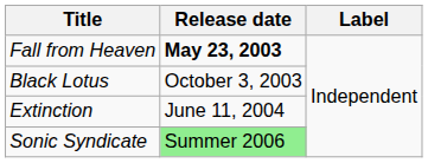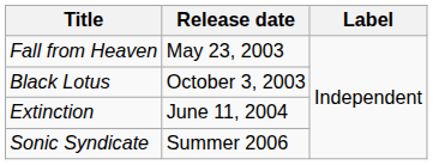 <table class="wikitable" border="1">
 <tr>
 <th>Title</th>
 <th>Release date</th>
 <th>Label</th>
 </tr>
 <tr>
 <td><em>Fall from Heaven</em></td>
-<td><strong>May 23, 2003</strong></td>
+<td>May 23, 2003</td>
 <td rowspan="4">Independent</td>
 </tr>
 <tr>
 <td><em>Black Lotus</em></td>
 <td>October 3, 2003</td>
 </tr>
 <tr>
 <td><em>Extinction</em></td>
 <td>June 11, 2004</td>
 </tr>
 <tr>
 <td><em>Sonic Syndicate</em></td>
-<td style="background: lightgreen;">Summer 2006</td>
+<td>Summer 2006</td>
 </tr>
 </table>
